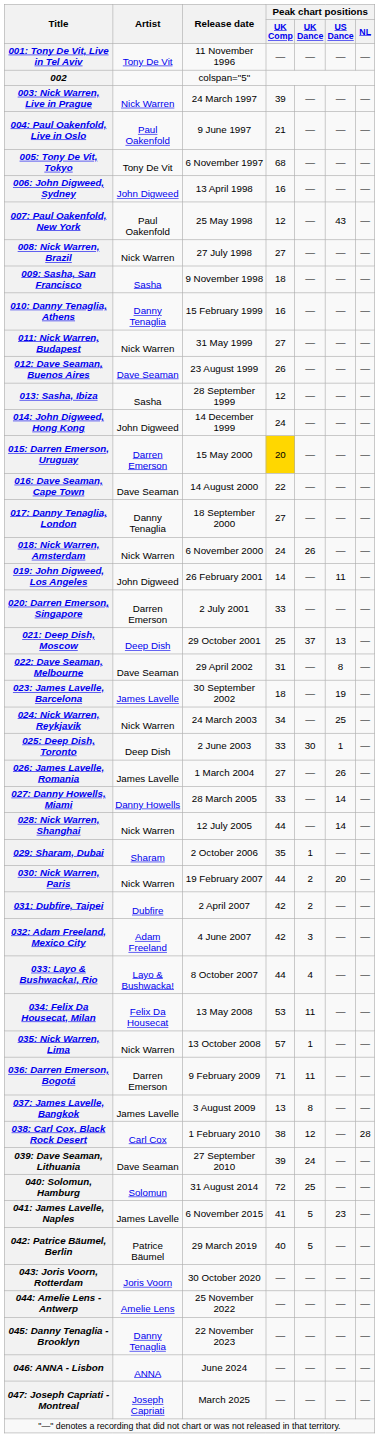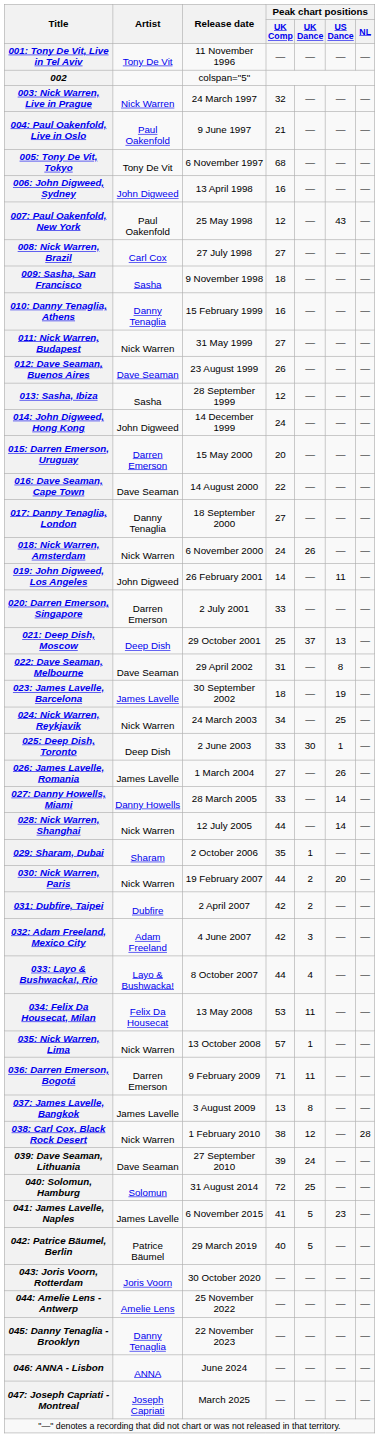 <table class="wikitable plainrowheaders" style="text-align:center;">
 <tr>
 <th scope="col" style="width:22em;" rowspan="2">Title</th>
 <th scope="col" style="width:10em;" rowspan="2">Artist</th>
 <th scope="col" style="width:15em;" rowspan="2">Release date</th>
 <th scope="col" colspan="4">Peak chart positions</th>
 </tr>
 <tr>
 <th scope="col" style="width:2.5em;font-size:90%;"><a href='#'>UK<br>Comp</a><br></th>
 <th scope="col" style="width:2.5em;font-size:90%;"><a href='#'>UK<br>Dance</a><br></th>
 <th scope="col" style="width:2.5em;font-size:90%;"><a href='#'>US<br>Dance</a><br></th>
 <th scope="col" style="width:2.5em;font-size:90%;"><a href='#'>NL</a><br></th>
 </tr>
 <tr>
 <th scope="row"><em><a href='#'>001: Tony De Vit, Live in Tel Aviv</a></em></th>
 <td><br><a href='#'>Tony De Vit</a></td>
 <td>11 November 1996</td>
 <td>—</td>
 <td>—</td>
 <td>—</td>
 <td>—</td>
 </tr>
 <tr>
 <th scope="row"><em>002</em></th>
 <td></td>
 <td>colspan="5" </td>
 </tr>
 <tr>
 <th scope="row"><em><a href='#'>003: Nick Warren, Live in Prague</a></em></th>
 <td><br><a href='#'>Nick Warren</a></td>
 <td>24 March 1997</td>
-<td>39</td>
+<td>32</td>
 <td>—</td>
 <td>—</td>
 <td>—</td>
 </tr>
 <tr>
 <th scope="row"><em><a href='#'>004: Paul Oakenfold, Live in Oslo</a></em></th>
 <td><br><a href='#'>Paul Oakenfold</a></td>
 <td>9 June 1997</td>
 <td>21</td>
 <td>—</td>
 <td>—</td>
 <td>—</td>
 </tr>
 <tr>
 <th scope="row"><em><a href='#'>005: Tony De Vit, Tokyo</a></em></th>
 <td><br>Tony De Vit</td>
 <td>6 November 1997</td>
 <td>68</td>
 <td>—</td>
 <td>—</td>
 <td>—</td>
 </tr>
 <tr>
 <th scope="row"><em><a href='#'>006: John Digweed, Sydney</a></em></th>
 <td><br><a href='#'>John Digweed</a></td>
 <td>13 April 1998</td>
 <td>16</td>
 <td>—</td>
 <td>—</td>
 <td>—</td>
 </tr>
 <tr>
 <th scope="row"><em><a href='#'>007: Paul Oakenfold, New York</a></em></th>
 <td><br>Paul Oakenfold</td>
 <td>25 May 1998</td>
 <td>12</td>
 <td>—</td>
 <td>43</td>
 <td>—</td>
 </tr>
 <tr>
 <th scope="row"><em><a href='#'>008: Nick Warren, Brazil</a></em></th>
-<td><br>Nick Warren</td>
+<td><br><a href='#'>Carl Cox</a></td>
 <td>27 July 1998</td>
 <td>27</td>
 <td>—</td>
 <td>—</td>
 <td>—</td>
 </tr>
 <tr>
 <th scope="row"><em><a href='#'>009: Sasha, San Francisco</a></em></th>
 <td><br><a href='#'>Sasha</a></td>
 <td>9 November 1998</td>
 <td>18</td>
 <td>—</td>
 <td>—</td>
 <td>—</td>
 </tr>
 <tr>
 <th scope="row"><em><a href='#'>010: Danny Tenaglia, Athens</a></em></th>
 <td><br><a href='#'>Danny Tenaglia</a></td>
 <td>15 February 1999</td>
 <td>16</td>
 <td>—</td>
 <td>—</td>
 <td>—</td>
 </tr>
 <tr>
 <th scope="row"><em><a href='#'>011: Nick Warren, Budapest</a></em></th>
 <td><br>Nick Warren</td>
 <td>31 May 1999</td>
 <td>27</td>
 <td>—</td>
 <td>—</td>
 <td>—</td>
 </tr>
 <tr>
 <th scope="row"><em><a href='#'>012: Dave Seaman, Buenos Aires</a></em></th>
 <td><br><a href='#'>Dave Seaman</a></td>
 <td>23 August 1999</td>
 <td>26</td>
 <td>—</td>
 <td>—</td>
 <td>—</td>
 </tr>
 <tr>
 <th scope="row"><em><a href='#'>013: Sasha, Ibiza</a></em></th>
 <td><br>Sasha</td>
 <td>28 September 1999</td>
 <td>12</td>
 <td>—</td>
 <td>—</td>
 <td>—</td>
 </tr>
 <tr>
 <th scope="row"><em><a href='#'>014: John Digweed, Hong Kong</a></em></th>
 <td><br>John Digweed</td>
 <td>14 December 1999</td>
 <td>24</td>
 <td>—</td>
 <td>—</td>
 <td>—</td>
 </tr>
 <tr>
 <th scope="row"><em><a href='#'>015: Darren Emerson, Uruguay</a></em></th>
 <td><br><a href='#'>Darren Emerson</a></td>
 <td>15 May 2000</td>
-<td style="background: gold;">20</td>
+<td>20</td>
 <td>—</td>
 <td>—</td>
 <td>—</td>
 </tr>
 <tr>
 <th scope="row"><em><a href='#'>016: Dave Seaman, Cape Town</a></em></th>
 <td><br>Dave Seaman</td>
 <td>14 August 2000</td>
 <td>22</td>
 <td>—</td>
 <td>—</td>
 <td>—</td>
 </tr>
 <tr>
 <th scope="row"><em><a href='#'>017: Danny Tenaglia, London</a></em></th>
 <td><br>Danny Tenaglia</td>
 <td>18 September 2000</td>
 <td>27</td>
 <td>—</td>
 <td>—</td>
 <td>—</td>
 </tr>
 <tr>
 <th scope="row"><em><a href='#'>018: Nick Warren, Amsterdam</a></em></th>
 <td><br>Nick Warren</td>
 <td>6 November 2000</td>
 <td>24</td>
 <td>26</td>
 <td>—</td>
 <td>—</td>
 </tr>
 <tr>
 <th scope="row"><em><a href='#'>019: John Digweed, Los Angeles</a></em></th>
 <td><br>John Digweed</td>
 <td>26 February 2001</td>
 <td>14</td>
 <td>—</td>
 <td>11</td>
 <td>—</td>
 </tr>
 <tr>
 <th scope="row"><em><a href='#'>020: Darren Emerson, Singapore</a></em></th>
 <td><br>Darren Emerson</td>
 <td>2 July 2001</td>
 <td>33</td>
 <td>—</td>
 <td>—</td>
 <td>—</td>
 </tr>
 <tr>
 <th scope="row"><em><a href='#'>021: Deep Dish, Moscow</a></em></th>
 <td><br><a href='#'>Deep Dish</a></td>
 <td>29 October 2001</td>
 <td>25</td>
 <td>37</td>
 <td>13</td>
 <td>—</td>
 </tr>
 <tr>
 <th scope="row"><em><a href='#'>022: Dave Seaman, Melbourne</a></em></th>
 <td><br>Dave Seaman</td>
 <td>29 April 2002</td>
 <td>31</td>
 <td>—</td>
 <td>8</td>
 <td>—</td>
 </tr>
 <tr>
 <th scope="row"><em><a href='#'>023: James Lavelle, Barcelona</a></em></th>
 <td><br><a href='#'>James Lavelle</a></td>
 <td>30 September 2002</td>
 <td>18</td>
 <td>—</td>
 <td>19</td>
 <td>—</td>
 </tr>
 <tr>
 <th scope="row"><em><a href='#'>024: Nick Warren, Reykjavik</a></em></th>
 <td><br>Nick Warren</td>
 <td>24 March 2003</td>
 <td>34</td>
 <td>—</td>
 <td>25</td>
 <td>—</td>
 </tr>
 <tr>
 <th scope="row"><em><a href='#'>025: Deep Dish, Toronto</a></em></th>
 <td><br>Deep Dish</td>
 <td>2 June 2003</td>
 <td>33</td>
 <td>30</td>
 <td>1</td>
 <td>—</td>
 </tr>
 <tr>
 <th scope="row"><em><a href='#'>026: James Lavelle, Romania</a></em></th>
 <td><br>James Lavelle</td>
 <td>1 March 2004</td>
 <td>27</td>
 <td>—</td>
 <td>26</td>
 <td>—</td>
 </tr>
 <tr>
 <th scope="row"><em><a href='#'>027: Danny Howells, Miami</a></em></th>
 <td><br><a href='#'>Danny Howells</a></td>
 <td>28 March 2005</td>
 <td>33</td>
 <td>—</td>
 <td>14</td>
 <td>—</td>
 </tr>
 <tr>
 <th scope="row"><em><a href='#'>028: Nick Warren, Shanghai</a></em></th>
 <td><br>Nick Warren</td>
 <td>12 July 2005</td>
 <td>44</td>
 <td>—</td>
 <td>14</td>
 <td>—</td>
 </tr>
 <tr>
 <th scope="row"><em><a href='#'>029: Sharam, Dubai</a></em></th>
 <td><br><a href='#'>Sharam</a></td>
 <td>2 October 2006</td>
 <td>35</td>
 <td>1</td>
 <td>—</td>
 <td>—</td>
 </tr>
 <tr>
 <th scope="row"><em><a href='#'>030: Nick Warren, Paris</a></em></th>
 <td><br>Nick Warren</td>
 <td>19 February 2007</td>
 <td>44</td>
 <td>2</td>
 <td>20</td>
 <td>—</td>
 </tr>
 <tr>
 <th scope="row"><em><a href='#'>031: Dubfire, Taipei</a></em></th>
 <td><br><a href='#'>Dubfire</a></td>
 <td>2 April 2007</td>
 <td>42</td>
 <td>2</td>
 <td>—</td>
 <td>—</td>
 </tr>
 <tr>
 <th scope="row"><em><a href='#'>032: Adam Freeland, Mexico City</a></em></th>
 <td><br><a href='#'>Adam Freeland</a></td>
 <td>4 June 2007</td>
 <td>42</td>
 <td>3</td>
 <td>—</td>
 <td>—</td>
 </tr>
 <tr>
 <th scope="row"><em><a href='#'>033: Layo & Bushwacka!, Rio</a></em></th>
 <td><br><a href='#'>Layo & Bushwacka!</a></td>
 <td>8 October 2007</td>
 <td>44</td>
 <td>4</td>
 <td>—</td>
 <td>—</td>
 </tr>
 <tr>
 <th scope="row"><em><a href='#'>034: Felix Da Housecat, Milan</a></em></th>
 <td><br><a href='#'>Felix Da Housecat</a></td>
 <td>13 May 2008</td>
 <td>53</td>
 <td>11</td>
 <td>—</td>
 <td>—</td>
 </tr>
 <tr>
 <th scope="row"><em><a href='#'>035: Nick Warren, Lima</a></em></th>
 <td><br>Nick Warren</td>
 <td>13 October 2008</td>
 <td>57</td>
 <td>1</td>
 <td>—</td>
 <td>—</td>
 </tr>
 <tr>
 <th scope="row"><em><a href='#'>036: Darren Emerson, Bogotá</a></em></th>
 <td><br>Darren Emerson</td>
 <td>9 February 2009</td>
 <td>71</td>
 <td>11</td>
 <td>—</td>
 <td>—</td>
 </tr>
 <tr>
 <th scope="row"><em><a href='#'>037: James Lavelle, Bangkok</a></em></th>
 <td><br>James Lavelle</td>
 <td>3 August 2009</td>
 <td>13</td>
 <td>8</td>
 <td>—</td>
 <td>—</td>
 </tr>
 <tr>
 <th scope="row"><em><a href='#'>038: Carl Cox, Black Rock Desert</a></em></th>
-<td><br><a href='#'>Carl Cox</a></td>
+<td><br>Nick Warren</td>
 <td>1 February 2010</td>
 <td>38</td>
 <td>12</td>
 <td>—</td>
 <td>28</td>
 </tr>
 <tr>
 <th scope="row"><em>039: Dave Seaman, Lithuania</em></th>
 <td><br>Dave Seaman</td>
 <td>27 September 2010</td>
 <td>39</td>
 <td>24</td>
 <td>—</td>
 <td>—</td>
 </tr>
 <tr>
 <th scope="row"><em>040: Solomun, Hamburg</em></th>
 <td><br><a href='#'>Solomun</a></td>
 <td>31 August 2014</td>
 <td>72</td>
 <td>25</td>
 <td>—</td>
 <td>—</td>
 </tr>
 <tr>
 <th scope="row"><em>041: James Lavelle, Naples</em></th>
 <td><br>James Lavelle</td>
 <td>6 November 2015</td>
 <td>41</td>
 <td>5</td>
 <td>23</td>
 <td>—</td>
 </tr>
 <tr>
 <th scope="row"><em>042: Patrice Bäumel, Berlin</em></th>
 <td><br>Patrice Bäumel</td>
 <td>29 March 2019</td>
 <td>40</td>
 <td>5</td>
 <td>—</td>
 <td>—</td>
 </tr>
 <tr>
 <th scope="row"><em>043: Joris Voorn, Rotterdam</em></th>
 <td><br><a href='#'>Joris Voorn</a></td>
 <td>30 October 2020</td>
 <td>—</td>
 <td>—</td>
 <td>—</td>
 <td>—</td>
 </tr>
 <tr>
 <th scope="row"><em>044: Amelie Lens - Antwerp</em></th>
 <td><br><a href='#'>Amelie Lens</a></td>
 <td>25 November 2022</td>
 <td>—</td>
 <td>—</td>
 <td>—</td>
 <td>—</td>
 </tr>
 <tr>
 <th scope="row"><em>045: Danny Tenaglia - Brooklyn</em></th>
 <td><br><a href='#'>Danny Tenaglia</a></td>
 <td>22 November 2023</td>
 <td>—</td>
 <td>—</td>
 <td>—</td>
 <td>—</td>
 </tr>
 <tr>
 <th scope="row"><em>046: ANNA - Lisbon</em></th>
 <td><br><a href='#'>ANNA</a></td>
 <td>June 2024</td>
 <td>—</td>
 <td>—</td>
 <td>—</td>
 <td>—</td>
 </tr>
 <tr>
 <th scope="row"><em>047: Joseph Capriati - Montreal</em></th>
 <td><br><a href='#'>Joseph Capriati</a></td>
 <td>March 2025</td>
 <td>—</td>
 <td>—</td>
 <td>—</td>
 <td>—</td>
 </tr>
 <tr>
 <td colspan="7" style="font-size:90%">"—" denotes a recording that did not chart or was not released in that territory.</td>
 </tr>
 </table>
